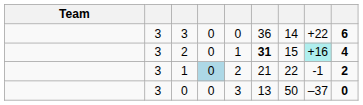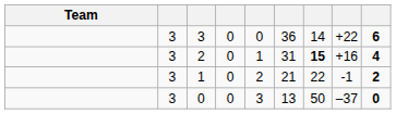 <table class="wikitable" style="text-align: center; font-size:90% ">
 <tr>
 <th width="160">Team</th>
 <th width="25"></th>
 <th width="25"></th>
 <th width="25"></th>
 <th width="25"></th>
 <th width="25"></th>
 <th width="25"></th>
 <th width="25"></th>
 <th width="25"></th>
 </tr>
 <tr>
 <td align="left"></td>
 <td>3</td>
 <td>3</td>
 <td>0</td>
 <td>0</td>
 <td>36</td>
 <td>14</td>
 <td>+22</td>
 <td><strong>6</strong></td>
 </tr>
 <tr>
 <td align="left"></td>
 <td>3</td>
 <td>2</td>
 <td>0</td>
 <td>1</td>
-<td><strong>31</strong></td>
-<td>15</td>
-<td style="background: paleturquoise;">+16</td>
+<td>31</td>
+<td><strong>15</strong></td>
+<td>+16</td>
 <td><strong>4</strong></td>
 </tr>
 <tr>
 <td align="left"></td>
 <td>3</td>
 <td>1</td>
-<td style="background: lightblue;">0</td>
+<td>0</td>
 <td>2</td>
 <td>21</td>
 <td>22</td>
 <td>-1</td>
 <td><strong>2</strong></td>
 </tr>
 <tr>
 <td align="left"></td>
 <td>3</td>
 <td>0</td>
 <td>0</td>
 <td>3</td>
 <td>13</td>
 <td>50</td>
 <td>–37</td>
 <td><strong>0</strong></td>
 </tr>
 </table>
